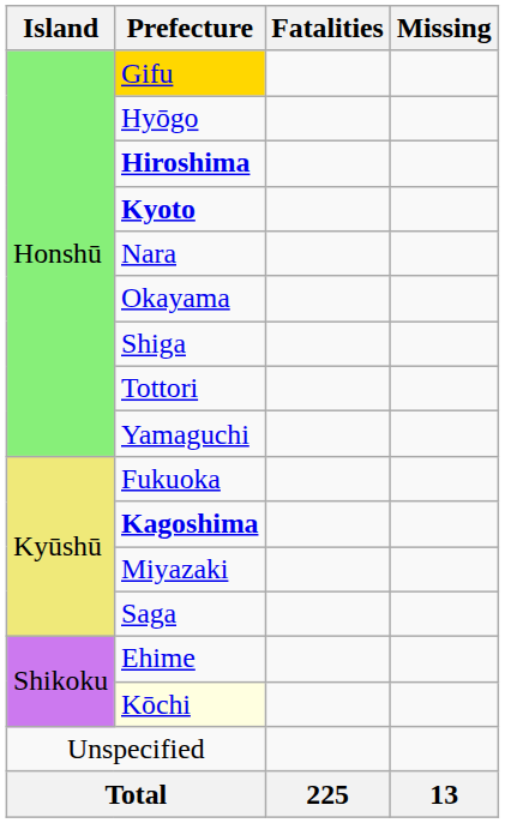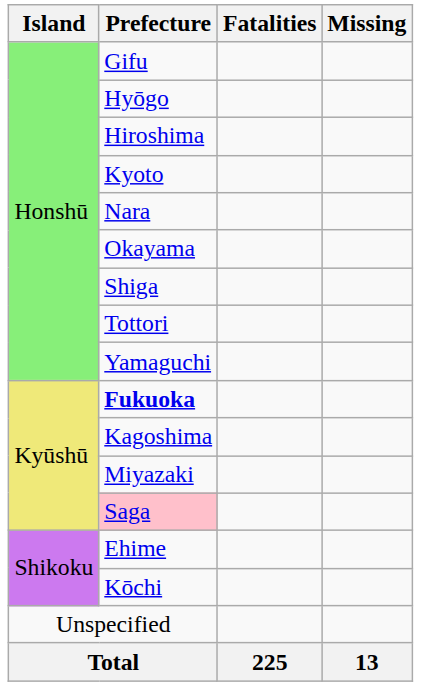 <table class="wikitable sortable" style="margin: 1em auto 1em auto;">
 <tr>
 <th scope=col>Island</th>
 <th scope=col>Prefecture</th>
 <th scope=col>Fatalities</th>
 <th scope=col>Missing</th>
 </tr>
 <tr>
 <td bgcolor=#87ef79 rowspan=9>Honshū</td>
-<td style="background: gold;"><a href='#'>Gifu</a></td>
+<td><a href='#'>Gifu</a></td>
 <td align=right></td>
 <td align=right></td>
 </tr>
 <tr>
 <td><a href='#'>Hyōgo</a></td>
 <td align=right></td>
 <td align=right></td>
 </tr>
 <tr>
-<td><strong><a href='#'>Hiroshima</a></strong></td>
+<td><a href='#'>Hiroshima</a></td>
 <td align=right></td>
 <td></td>
 </tr>
 <tr>
-<td><strong><a href='#'>Kyoto</a></strong></td>
+<td><a href='#'>Kyoto</a></td>
 <td align=right></td>
 <td align=right></td>
 </tr>
 <tr>
 <td><a href='#'>Nara</a></td>
 <td align=right></td>
 <td align=right></td>
 </tr>
 <tr>
 <td><a href='#'>Okayama</a></td>
 <td align=right></td>
 <td></td>
 </tr>
 <tr>
 <td><a href='#'>Shiga</a></td>
 <td align=right></td>
 <td align=right></td>
 </tr>
 <tr>
 <td><a href='#'>Tottori</a></td>
 <td align=right></td>
 <td align=right></td>
 </tr>
 <tr>
 <td><a href='#'>Yamaguchi</a></td>
 <td align=right></td>
 <td align=right></td>
 </tr>
 <tr>
 <td bgcolor=#efe979 rowspan=4>Kyūshū</td>
-<td><a href='#'>Fukuoka</a></td>
+<td><strong><a href='#'>Fukuoka</a></strong></td>
 <td align=right></td>
 <td align=right></td>
 </tr>
 <tr>
-<td><strong><a href='#'>Kagoshima</a></strong></td>
+<td><a href='#'>Kagoshima</a></td>
 <td align=right></td>
 <td align=right></td>
 </tr>
 <tr>
 <td><a href='#'>Miyazaki</a></td>
 <td align=right></td>
 <td align=right></td>
 </tr>
 <tr>
-<td><a href='#'>Saga</a></td>
+<td style="background: pink;"><a href='#'>Saga</a></td>
 <td align=right></td>
 <td align=right></td>
 </tr>
 <tr>
 <td bgcolor=#cc79ef rowspan=2>Shikoku</td>
 <td><a href='#'>Ehime</a></td>
 <td align=right></td>
 <td></td>
 </tr>
 <tr>
-<td style="background: lightyellow;"><a href='#'>Kōchi</a></td>
+<td><a href='#'>Kōchi</a></td>
 <td align=right></td>
 <td align=right></td>
 </tr>
 <tr>
 <td colspan=2 align=center>Unspecified</td>
 <td align=right></td>
 <td align=right></td>
 </tr>
 <tr class="sortbottom">
 <th scope="row" colspan=2>Total</th>
 <th>225</th>
 <th>13</th>
 </tr>
 </table>
